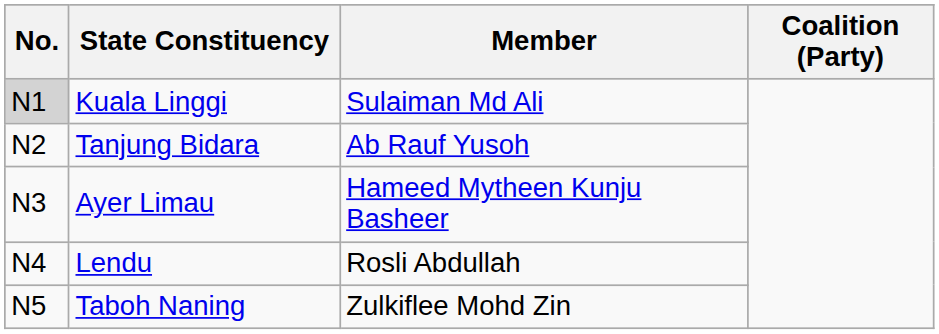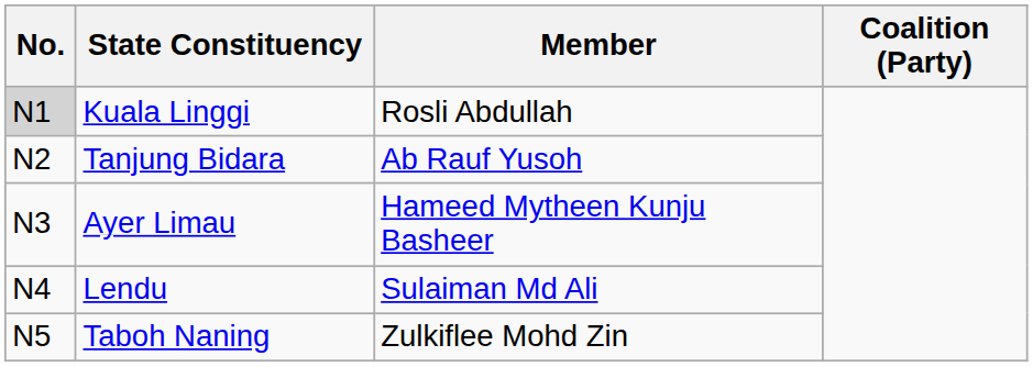 <table class="wikitable">
 <tr>
 <th width="30">No.</th>
 <th width="150">State Constituency</th>
 <th width="230">Member</th>
 <th width="100">Coalition (Party)</th>
 </tr>
 <tr>
 <td style="background: lightgrey;">N1</td>
 <td><a href='#'>Kuala Linggi</a></td>
-<td><a href='#'>Sulaiman Md Ali</a></td>
+<td>Rosli Abdullah</td>
 <td rowspan="5"></td>
 </tr>
 <tr>
 <td>N2</td>
 <td><a href='#'>Tanjung Bidara</a></td>
 <td><a href='#'>Ab Rauf Yusoh</a></td>
 </tr>
 <tr>
 <td>N3</td>
 <td><a href='#'>Ayer Limau</a></td>
 <td><a href='#'>Hameed Mytheen Kunju Basheer</a></td>
 </tr>
 <tr>
 <td>N4</td>
 <td><a href='#'>Lendu</a></td>
-<td>Rosli Abdullah</td>
+<td><a href='#'>Sulaiman Md Ali</a></td>
 </tr>
 <tr>
 <td>N5</td>
 <td><a href='#'>Taboh Naning</a></td>
 <td>Zulkiflee Mohd Zin</td>
 </tr>
 </table>
